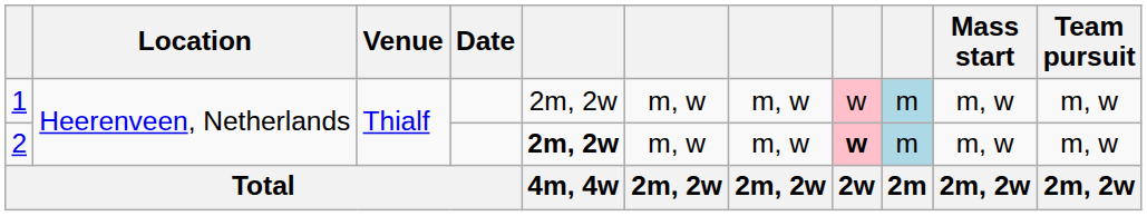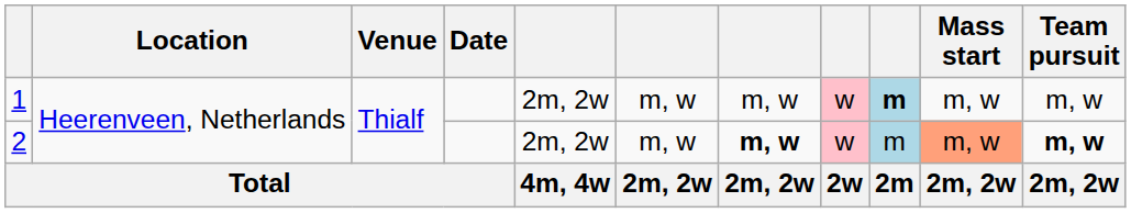 <table class="wikitable" border="1" style="text-align:center">
 <tr>
 <th></th>
 <th>Location</th>
 <th>Venue</th>
 <th>Date</th>
 <th></th>
 <th></th>
 <th></th>
 <th></th>
 <th></th>
 <th>Mass<br> start</th>
 <th>Team<br> pursuit</th>
 </tr>
 <tr>
 <td><a href='#'>1</a></td>
 <td align=left rowspan="2"><a href='#'>Heerenveen</a>, Netherlands</td>
 <td align=left rowspan="2"><a href='#'>Thialf</a></td>
 <td align=right></td>
 <td>2m, 2w</td>
 <td>m, w</td>
 <td>m, w</td>
 <td style="background:pink;">w</td>
-<td style="background:lightblue;">m</td>
+<td style="background:lightblue;"><strong>m</strong></td>
 <td>m, w</td>
 <td>m, w</td>
 </tr>
 <tr>
 <td><a href='#'>2</a></td>
 <td align=right></td>
-<td><strong>2m, 2w</strong></td>
+<td>2m, 2w</td>
 <td>m, w</td>
-<td>m, w</td>
-<td style="background:pink;"><strong>w</strong></td>
+<td><strong>m, w</strong></td>
+<td style="background:pink;">w</td>
 <td style="background:lightblue;">m</td>
-<td>m, w</td>
-<td>m, w</td>
+<td style="background: lightsalmon;">m, w</td>
+<td><strong>m, w</strong></td>
 </tr>
 <tr>
 <th align=left colspan=4>Total</th>
 <th>4m, 4w</th>
 <th>2m, 2w</th>
 <th>2m, 2w</th>
 <th>2w</th>
 <th>2m</th>
 <th>2m, 2w</th>
 <th>2m, 2w</th>
 </tr>
 </table>
